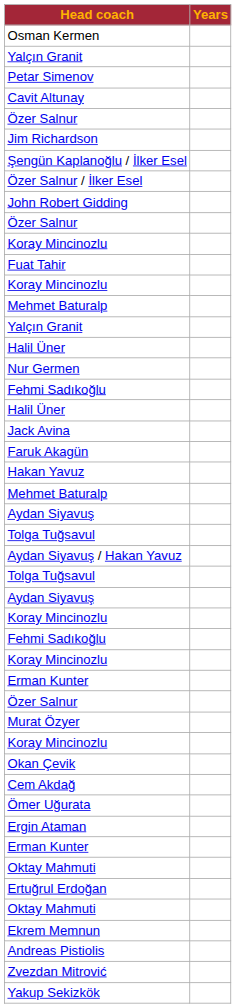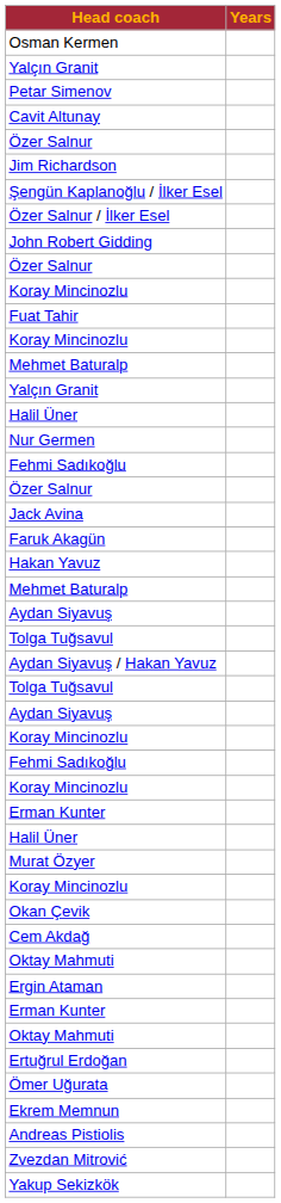 <table class="wikitable" style="text-align: left; background:white; color:black">
 <tr>
 <th style="color:#FFB300; background:#A32638;">Head coach</th>
 <th style="color:#FFB300; background:#A32638;">Years</th>
 </tr>
 <tr>
 <td> Osman Kermen</td>
 <td></td>
 </tr>
 <tr>
 <td> <a href='#'>Yalçın Granit</a></td>
 <td></td>
 </tr>
 <tr>
 <td> <a href='#'>Petar Simenov</a></td>
 <td></td>
 </tr>
 <tr>
 <td> <a href='#'>Cavit Altunay</a></td>
 <td></td>
 </tr>
 <tr>
 <td> <a href='#'>Özer Salnur</a></td>
 <td></td>
 </tr>
 <tr>
 <td> <a href='#'>Jim Richardson</a></td>
 <td></td>
 </tr>
 <tr>
 <td> <a href='#'>Şengün Kaplanoğlu</a> /  <a href='#'>İlker Esel</a></td>
 <td></td>
 </tr>
 <tr>
 <td> <a href='#'>Özer Salnur</a> /  <a href='#'>İlker Esel</a></td>
 <td></td>
 </tr>
 <tr>
 <td> <a href='#'>John Robert Gidding</a></td>
 <td></td>
 </tr>
 <tr>
 <td> <a href='#'>Özer Salnur</a></td>
 <td></td>
 </tr>
 <tr>
 <td> <a href='#'>Koray Mincinozlu</a></td>
 <td></td>
 </tr>
 <tr>
 <td> <a href='#'>Fuat Tahir</a></td>
 <td></td>
 </tr>
 <tr>
 <td> <a href='#'>Koray Mincinozlu</a></td>
 <td></td>
 </tr>
 <tr>
 <td> <a href='#'>Mehmet Baturalp</a></td>
 <td></td>
 </tr>
 <tr>
 <td> <a href='#'>Yalçın Granit</a></td>
 <td></td>
 </tr>
 <tr>
 <td> <a href='#'>Halil Üner</a></td>
 <td></td>
 </tr>
 <tr>
 <td> <a href='#'>Nur Germen</a></td>
 <td></td>
 </tr>
 <tr>
 <td> <a href='#'>Fehmi Sadıkoğlu</a></td>
 <td></td>
 </tr>
 <tr>
-<td> <a href='#'>Halil Üner</a></td>
+<td> <a href='#'>Özer Salnur</a></td>
 <td></td>
 </tr>
 <tr>
 <td> <a href='#'>Jack Avina</a></td>
 <td></td>
 </tr>
 <tr>
 <td> <a href='#'>Faruk Akagün</a></td>
 <td></td>
 </tr>
 <tr>
 <td> <a href='#'>Hakan Yavuz</a></td>
 <td></td>
 </tr>
 <tr>
 <td> <a href='#'>Mehmet Baturalp</a></td>
 <td></td>
 </tr>
 <tr>
 <td> <a href='#'>Aydan Siyavuş</a></td>
 <td></td>
 </tr>
 <tr>
 <td> <a href='#'>Tolga Tuğsavul</a></td>
 <td></td>
 </tr>
 <tr>
 <td> <a href='#'>Aydan Siyavuş</a> /  <a href='#'>Hakan Yavuz</a></td>
 <td></td>
 </tr>
 <tr>
 <td> <a href='#'>Tolga Tuğsavul</a></td>
 <td></td>
 </tr>
 <tr>
 <td> <a href='#'>Aydan Siyavuş</a></td>
 <td></td>
 </tr>
 <tr>
 <td> <a href='#'>Koray Mincinozlu</a></td>
 <td></td>
 </tr>
 <tr>
 <td> <a href='#'>Fehmi Sadıkoğlu</a></td>
 <td></td>
 </tr>
 <tr>
 <td> <a href='#'>Koray Mincinozlu</a></td>
 <td></td>
 </tr>
 <tr>
 <td> <a href='#'>Erman Kunter</a></td>
 <td></td>
 </tr>
 <tr>
-<td> <a href='#'>Özer Salnur</a></td>
+<td> <a href='#'>Halil Üner</a></td>
 <td></td>
 </tr>
 <tr>
 <td> <a href='#'>Murat Özyer</a></td>
 <td></td>
 </tr>
 <tr>
 <td> <a href='#'>Koray Mincinozlu</a></td>
 <td></td>
 </tr>
 <tr>
 <td> <a href='#'>Okan Çevik</a></td>
 <td></td>
 </tr>
 <tr>
 <td> <a href='#'>Cem Akdağ</a></td>
 <td></td>
 </tr>
 <tr>
-<td> <a href='#'>Ömer Uğurata</a></td>
+<td> <a href='#'>Oktay Mahmuti</a></td>
 <td></td>
 </tr>
 <tr>
 <td> <a href='#'>Ergin Ataman</a></td>
 <td></td>
 </tr>
 <tr>
 <td> <a href='#'>Erman Kunter</a></td>
 <td></td>
 </tr>
 <tr>
 <td> <a href='#'>Oktay Mahmuti</a></td>
 <td></td>
 </tr>
 <tr>
 <td> <a href='#'>Ertuğrul Erdoğan</a></td>
 <td></td>
 </tr>
 <tr>
-<td> <a href='#'>Oktay Mahmuti</a></td>
+<td> <a href='#'>Ömer Uğurata</a></td>
 <td></td>
 </tr>
 <tr>
 <td> <a href='#'>Ekrem Memnun</a></td>
 <td></td>
 </tr>
 <tr>
 <td> <a href='#'>Andreas Pistiolis</a></td>
 <td></td>
 </tr>
 <tr>
 <td> <a href='#'>Zvezdan Mitrović</a></td>
 <td></td>
 </tr>
 <tr>
 <td> <a href='#'>Yakup Sekizkök</a></td>
 <td></td>
 </tr>
 </table>
